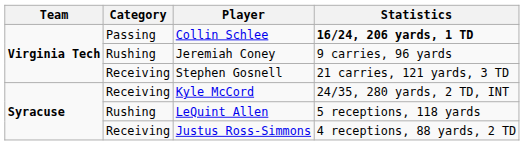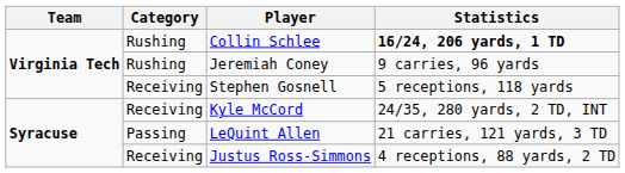 <table class="wikitable" style="float: right;">
 <tr>
 <th>Team</th>
 <th>Category</th>
 <th>Player</th>
 <th>Statistics</th>
 </tr>
 <tr>
 <td rowspan=3><strong>Virginia Tech</strong></td>
-<td>Passing</td>
+<td>Rushing</td>
 <td><a href='#'>Collin Schlee</a></td>
 <td><strong>16/24, 206 yards, 1 TD</strong></td>
 </tr>
 <tr>
 <td>Rushing</td>
 <td>Jeremiah Coney</td>
 <td>9 carries, 96 yards</td>
 </tr>
 <tr>
 <td>Receiving</td>
 <td>Stephen Gosnell</td>
-<td>21 carries, 121 yards, 3 TD</td>
+<td>5 receptions, 118 yards</td>
 </tr>
 <tr>
 <td rowspan=3><strong>Syracuse</strong></td>
 <td>Receiving</td>
 <td><a href='#'>Kyle McCord</a></td>
 <td>24/35, 280 yards, 2 TD, INT</td>
 </tr>
 <tr>
-<td>Rushing</td>
+<td>Passing</td>
 <td><a href='#'>LeQuint Allen</a></td>
-<td>5 receptions, 118 yards</td>
+<td>21 carries, 121 yards, 3 TD</td>
 </tr>
 <tr>
 <td>Receiving</td>
 <td><a href='#'>Justus Ross-Simmons</a></td>
 <td>4 receptions, 88 yards, 2 TD</td>
 </tr>
 </table>
